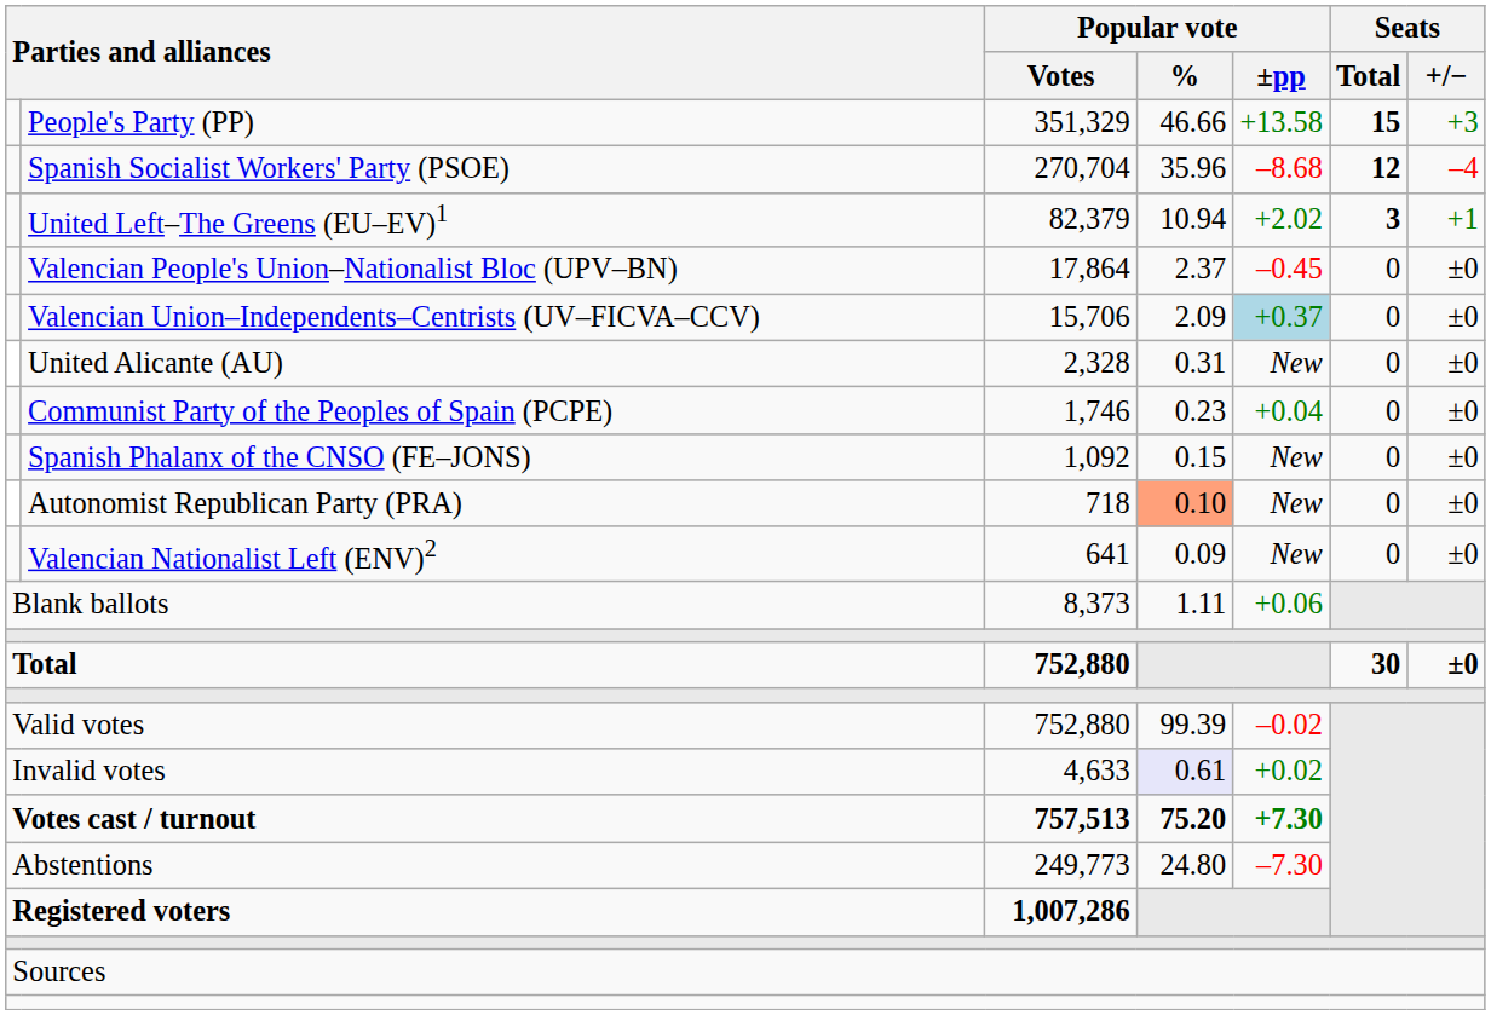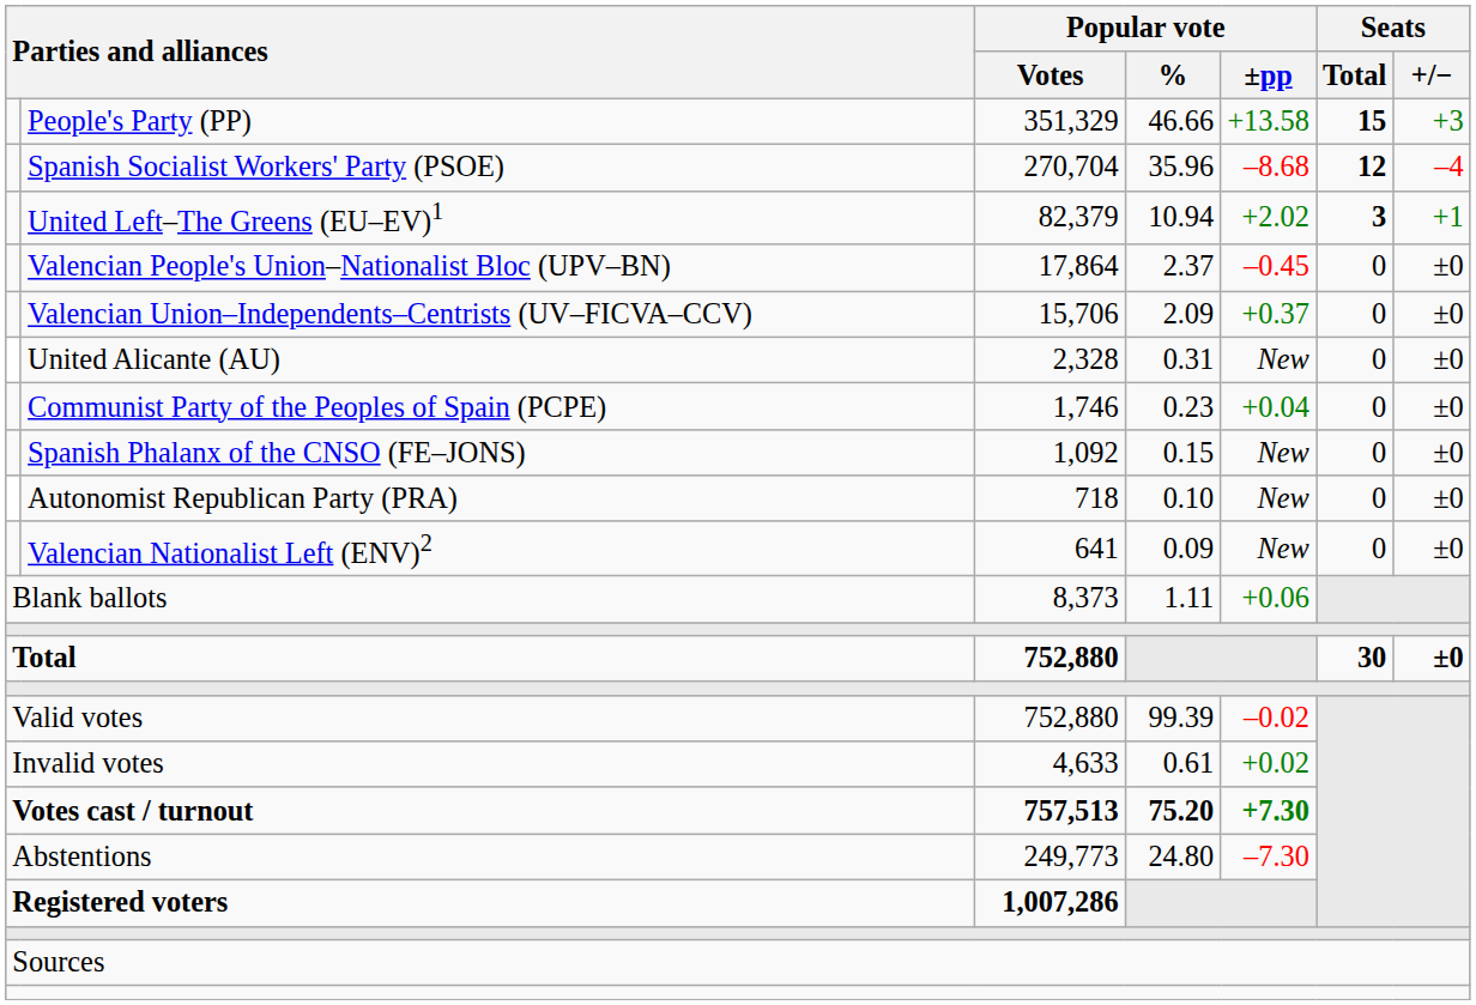 <table class="wikitable" style="text-align:right;">
 <tr>
 <th style="text-align:left;" rowspan="2" colspan="2" width="525">Parties and alliances</th>
 <th colspan="3">Popular vote</th>
 <th colspan="2">Seats</th>
 </tr>
 <tr>
 <th width="75">Votes</th>
 <th width="45">%</th>
 <th width="45">±<a href='#'>pp</a></th>
 <th width="35">Total</th>
 <th width="35">+/−</th>
 </tr>
 <tr>
 <td width="1" style="color:inherit;background:"></td>
 <td align="left"><a href='#'>People's Party</a> (PP)</td>
 <td>351,329</td>
 <td>46.66</td>
 <td style="color:green;">+13.58</td>
 <td><strong>15</strong></td>
 <td style="color:green;">+3</td>
 </tr>
 <tr>
 <td style="color:inherit;background:"></td>
 <td align="left"><a href='#'>Spanish Socialist Workers' Party</a> (PSOE)</td>
 <td>270,704</td>
 <td>35.96</td>
 <td style="color:red;">–8.68</td>
 <td><strong>12</strong></td>
 <td style="color:red;">–4</td>
 </tr>
 <tr>
 <td style="color:inherit;background:"></td>
 <td align="left"><a href='#'>United Left</a>–<a href='#'>The Greens</a> (EU–EV)<sup>1</sup></td>
 <td>82,379</td>
 <td>10.94</td>
 <td style="color:green;">+2.02</td>
 <td><strong>3</strong></td>
 <td style="color:green;">+1</td>
 </tr>
 <tr>
 <td style="color:inherit;background:"></td>
 <td align="left"><a href='#'>Valencian People's Union</a>–<a href='#'>Nationalist Bloc</a> (UPV–BN)</td>
 <td>17,864</td>
 <td>2.37</td>
 <td style="color:red;">–0.45</td>
 <td>0</td>
 <td>±0</td>
 </tr>
 <tr>
 <td style="color:inherit;background:"></td>
 <td align="left"><a href='#'>Valencian Union–Independents–Centrists</a> (UV–FICVA–CCV)</td>
 <td>15,706</td>
 <td>2.09</td>
-<td style="background: lightblue; color:green;">+0.37</td>
+<td style="color:green;">+0.37</td>
 <td>0</td>
 <td>±0</td>
 </tr>
 <tr>
 <td bgcolor="white"></td>
 <td align="left">United Alicante (AU)</td>
 <td>2,328</td>
 <td>0.31</td>
 <td><em>New</em></td>
 <td>0</td>
 <td>±0</td>
 </tr>
 <tr>
 <td style="color:inherit;background:"></td>
 <td align="left"><a href='#'>Communist Party of the Peoples of Spain</a> (PCPE)</td>
 <td>1,746</td>
 <td>0.23</td>
 <td style="color:green;">+0.04</td>
 <td>0</td>
 <td>±0</td>
 </tr>
 <tr>
 <td style="color:inherit;background:"></td>
 <td align="left"><a href='#'>Spanish Phalanx of the CNSO</a> (FE–JONS)</td>
 <td>1,092</td>
 <td>0.15</td>
 <td><em>New</em></td>
 <td>0</td>
 <td>±0</td>
 </tr>
 <tr>
 <td bgcolor="white"></td>
 <td align="left">Autonomist Republican Party (PRA)</td>
 <td>718</td>
-<td style="background: lightsalmon;">0.10</td>
+<td>0.10</td>
 <td><em>New</em></td>
 <td>0</td>
 <td>±0</td>
 </tr>
 <tr>
 <td style="color:inherit;background:"></td>
 <td align="left"><a href='#'>Valencian Nationalist Left</a> (ENV)<sup>2</sup></td>
 <td>641</td>
 <td>0.09</td>
 <td><em>New</em></td>
 <td>0</td>
 <td>±0</td>
 </tr>
 <tr>
 <td align="left" colspan="2">Blank ballots</td>
 <td>8,373</td>
 <td>1.11</td>
 <td style="color:green;">+0.06</td>
 <td bgcolor="#E9E9E9" colspan="2"></td>
 </tr>
 <tr>
 <td colspan="7" bgcolor="#E9E9E9"></td>
 </tr>
 <tr style="font-weight:bold;">
 <td align="left" colspan="2">Total</td>
 <td>752,880</td>
 <td bgcolor="#E9E9E9" colspan="2"></td>
 <td>30</td>
 <td>±0</td>
 </tr>
 <tr>
 <td colspan="7" bgcolor="#E9E9E9"></td>
 </tr>
 <tr>
 <td align="left" colspan="2">Valid votes</td>
 <td>752,880</td>
 <td>99.39</td>
 <td style="color:red;">–0.02</td>
 <td bgcolor="#E9E9E9" colspan="2" rowspan="5"></td>
 </tr>
 <tr>
 <td align="left" colspan="2">Invalid votes</td>
 <td>4,633</td>
-<td style="background: lavender;">0.61</td>
+<td>0.61</td>
 <td style="color:green;">+0.02</td>
 </tr>
 <tr style="font-weight:bold;">
 <td align="left" colspan="2">Votes cast / turnout</td>
 <td>757,513</td>
 <td>75.20</td>
 <td style="color:green;">+7.30</td>
 </tr>
 <tr>
 <td align="left" colspan="2">Abstentions</td>
 <td>249,773</td>
 <td>24.80</td>
 <td style="color:red;">–7.30</td>
 </tr>
 <tr style="font-weight:bold;">
 <td align="left" colspan="2">Registered voters</td>
 <td>1,007,286</td>
 <td bgcolor="#E9E9E9" colspan="2"></td>
 </tr>
 <tr>
 <td colspan="7" bgcolor="#E9E9E9"></td>
 </tr>
 <tr>
 <td align="left" colspan="7">Sources</td>
 </tr>
 <tr>
 <td colspan="7" style="text-align:left; max-width:790px;"></td>
 </tr>
 </table>
